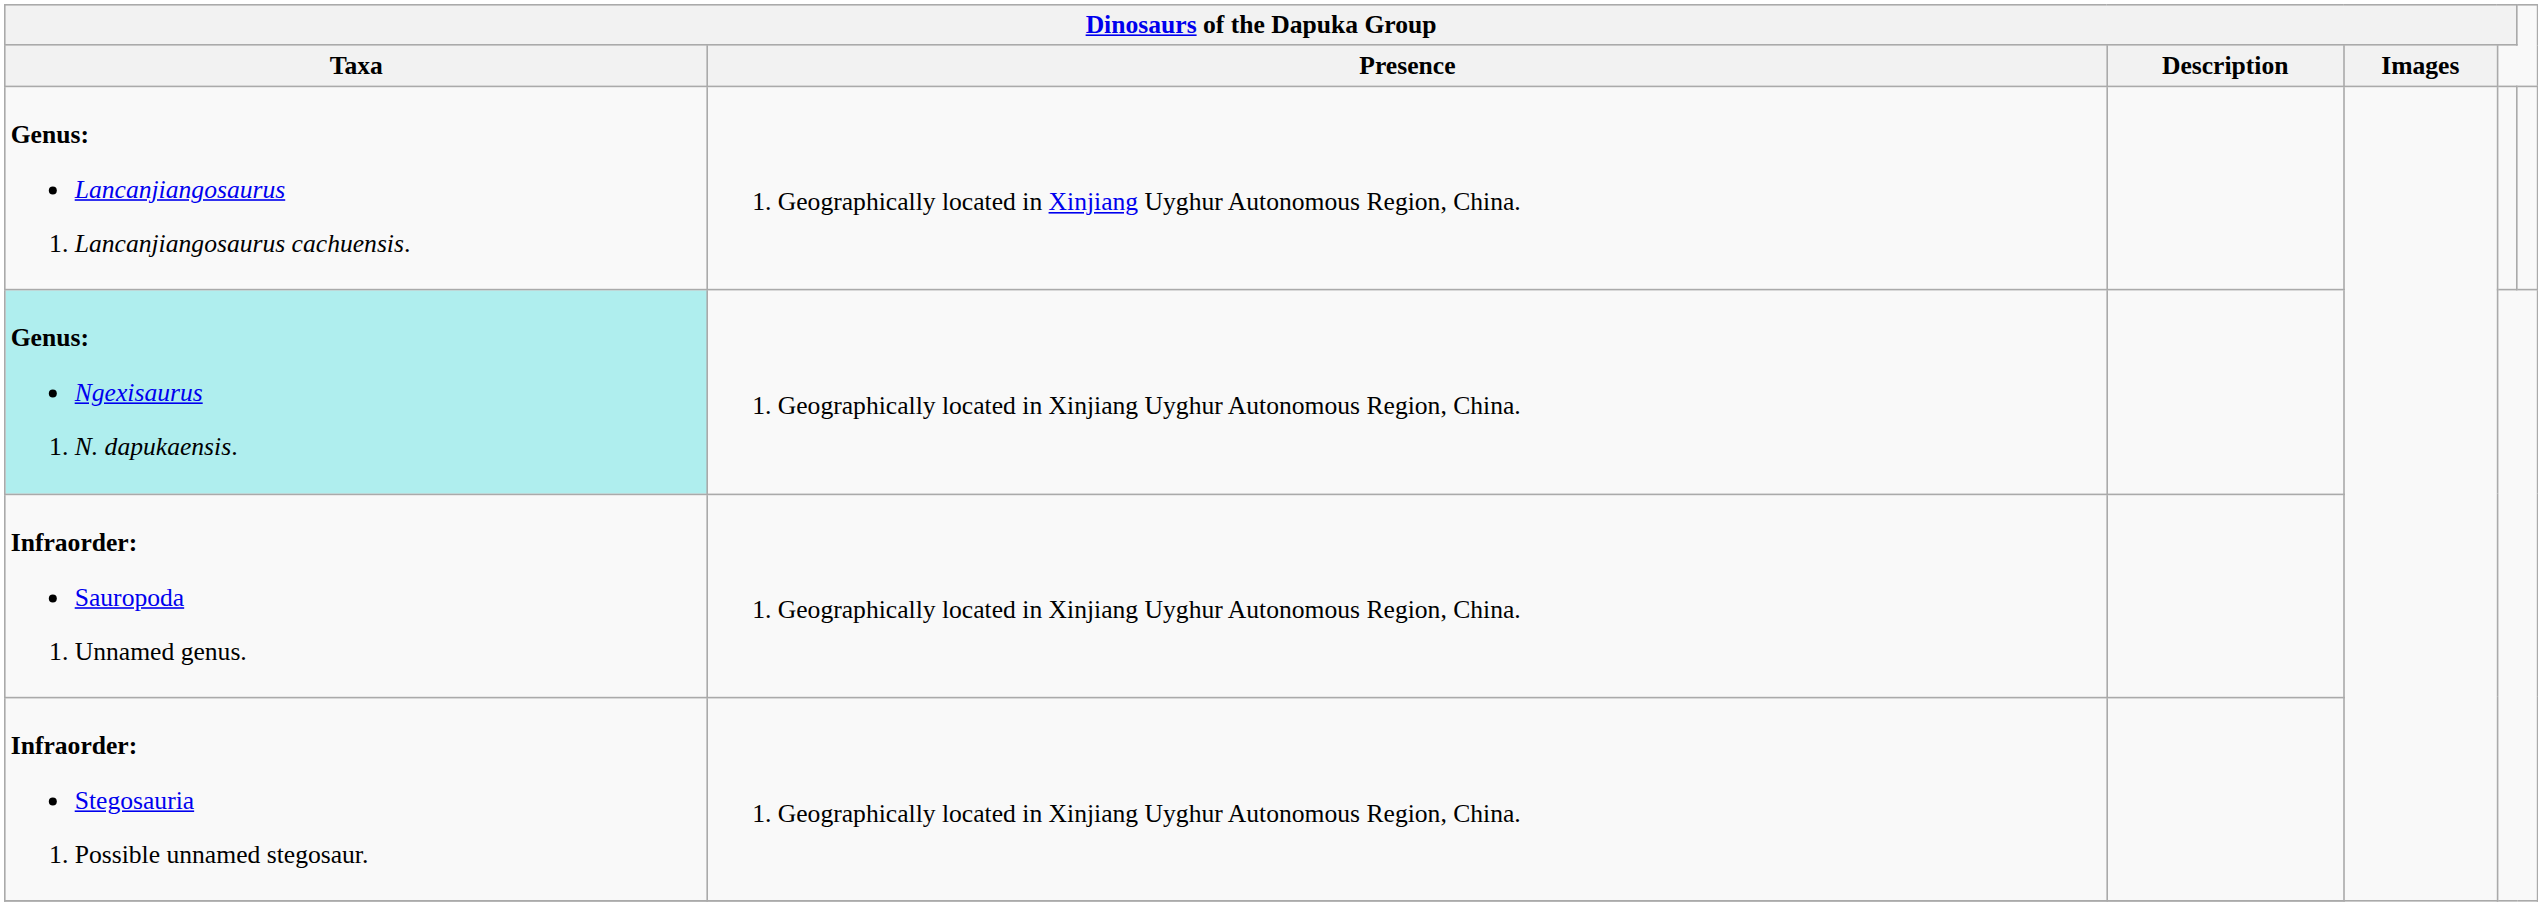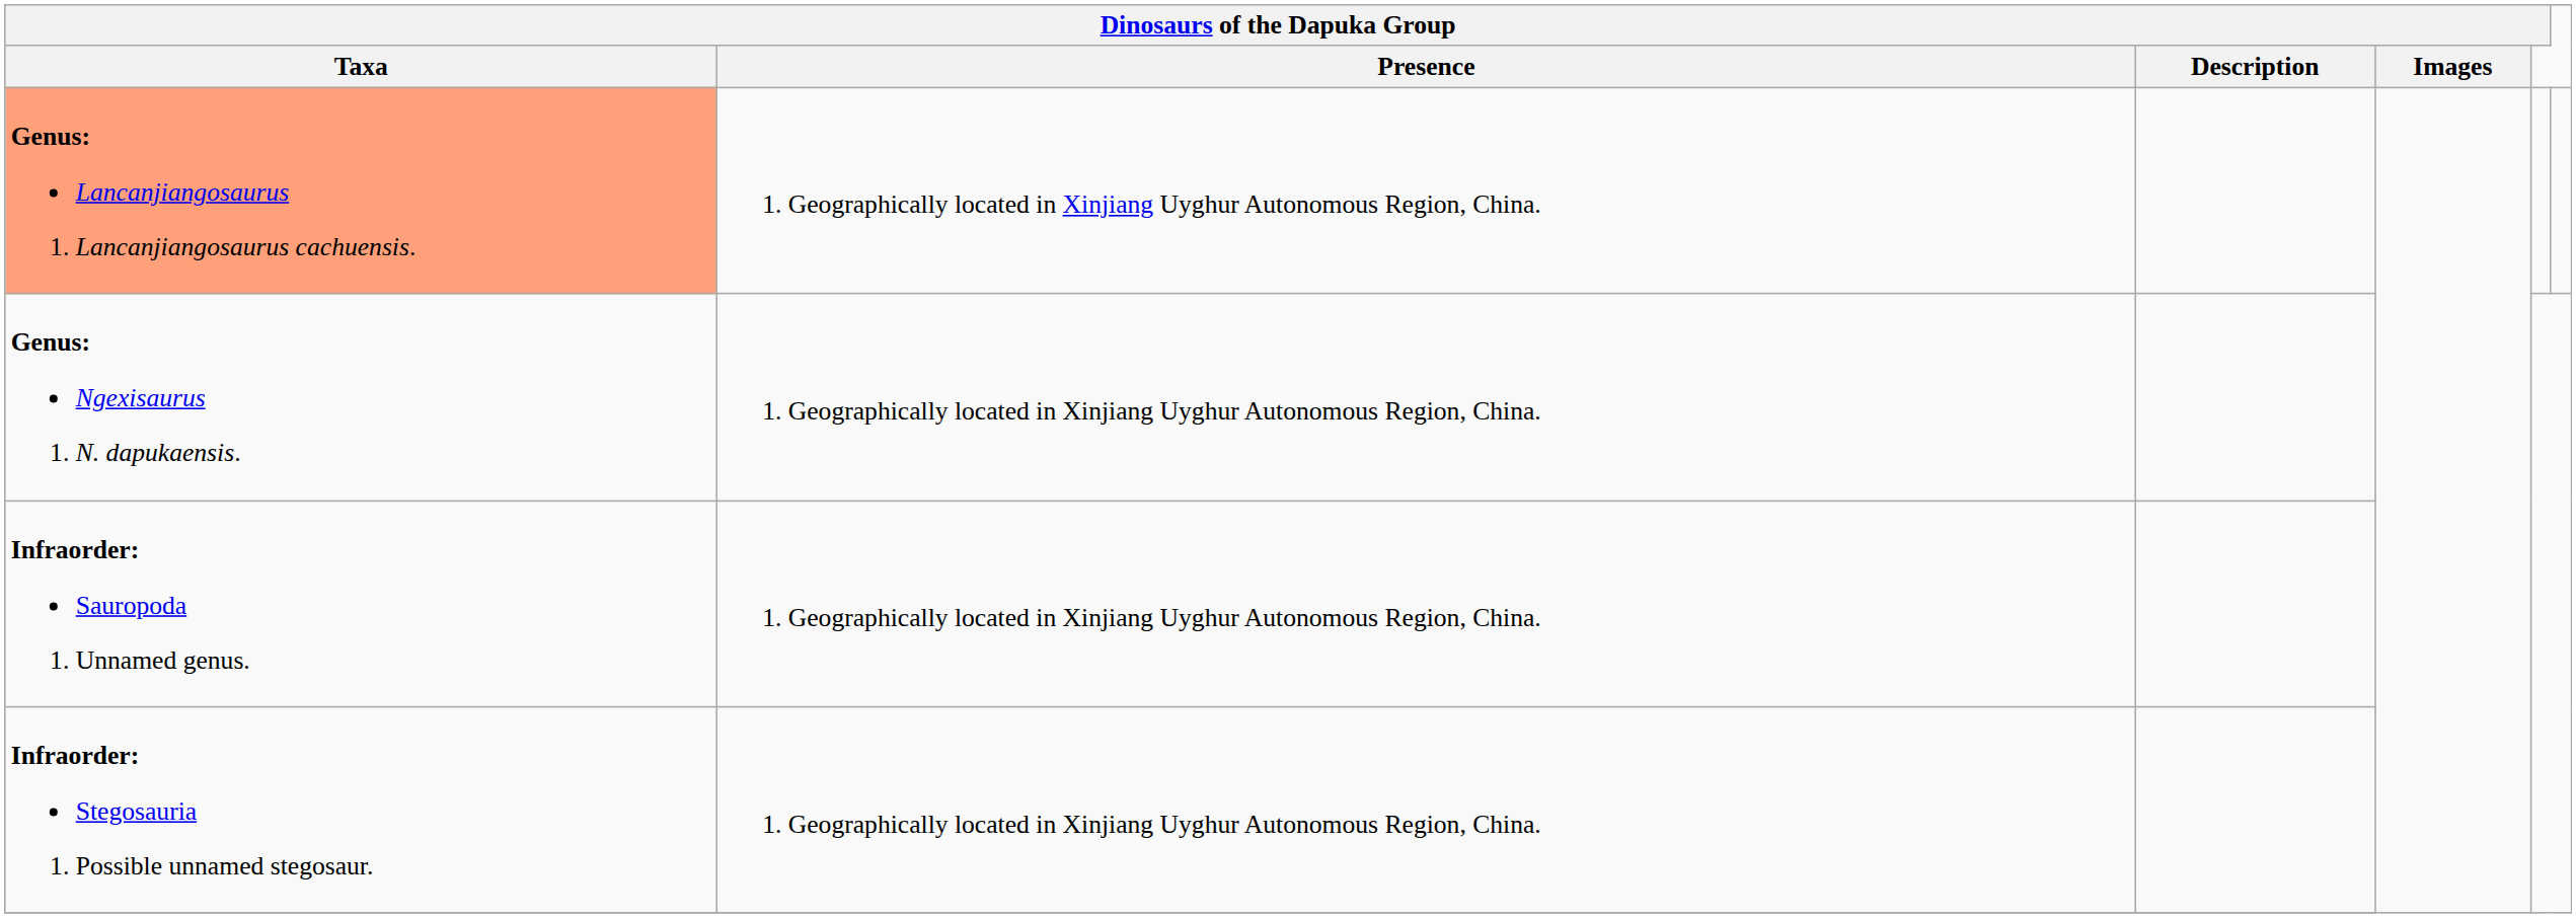 <table class="wikitable" align="center" width="100%">
 <tr>
 <th colspan="5" align="center"><strong><a href='#'>Dinosaurs</a> of the Dapuka Group</strong></th>
 </tr>
 <tr>
 <th>Taxa</th>
 <th>Presence</th>
 <th>Description</th>
 <th>Images</th>
 </tr>
 <tr>
-<td><br><strong>Genus:</strong><ul><li><em><a href='#'>Lancanjiangosaurus</a></em></li></ul><ol><li><em>Lancanjiangosaurus cachuensis</em>.</li></ol></td>
+<td style="background: lightsalmon;"><br><strong>Genus:</strong><ul><li><em><a href='#'>Lancanjiangosaurus</a></em></li></ul><ol><li><em>Lancanjiangosaurus cachuensis</em>.</li></ol></td>
 <td><br><ol><li>Geographically located in <a href='#'>Xinjiang</a> Uyghur Autonomous Region, China.</li></ol></td>
 <td></td>
 <td rowspan="99"></td>
 <td></td>
 <td></td>
 </tr>
 <tr>
-<td style="background: paleturquoise;"><br><strong>Genus:</strong><ul><li><em><a href='#'>Ngexisaurus</a></em></li></ul><ol><li><em>N. dapukaensis</em>.</li></ol></td>
+<td><br><strong>Genus:</strong><ul><li><em><a href='#'>Ngexisaurus</a></em></li></ul><ol><li><em>N. dapukaensis</em>.</li></ol></td>
 <td><br><ol><li>Geographically located in Xinjiang Uyghur Autonomous Region, China.</li></ol></td>
 <td></td>
 </tr>
 <tr>
 <td><br><strong>Infraorder:</strong><ul><li><a href='#'>Sauropoda</a></li></ul><ol><li>Unnamed genus.</li></ol></td>
 <td><br><ol><li>Geographically located in Xinjiang Uyghur Autonomous Region, China.</li></ol></td>
 <td></td>
 </tr>
 <tr>
 <td><br><strong>Infraorder:</strong><ul><li><a href='#'>Stegosauria</a></li></ul><ol><li>Possible unnamed stegosaur.</li></ol></td>
 <td><br><ol><li>Geographically located in Xinjiang Uyghur Autonomous Region, China.</li></ol></td>
 <td></td>
 </tr>
 <tr>
 </tr>
 </table>
